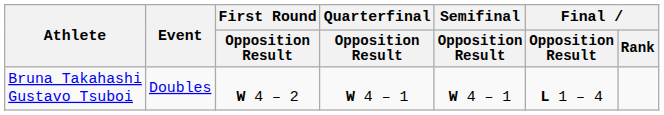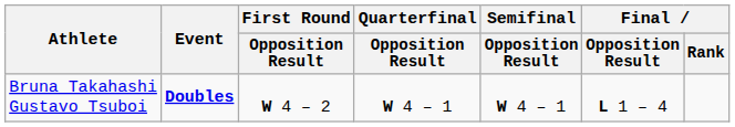 <table class=wikitable style=font-size:90%;text-align:center>
 <tr>
 <th rowspan=2>Athlete</th>
 <th rowspan=2>Event</th>
 <th>First Round</th>
 <th>Quarterfinal</th>
 <th>Semifinal</th>
 <th colspan=2>Final / </th>
 </tr>
 <tr style=font-size:95%>
 <th>Opposition<br>Result</th>
 <th>Opposition<br>Result</th>
 <th>Opposition<br>Result</th>
 <th>Opposition<br>Result</th>
 <th>Rank</th>
 </tr>
 <tr>
 <td align=left><a href='#'>Bruna Takahashi</a><br><a href='#'>Gustavo Tsuboi</a></td>
-<td align=left><a href='#'>Doubles</a></td>
+<td align=left><strong><a href='#'>Doubles</a></strong></td>
 <td><br><strong>W</strong> 4 – 2</td>
 <td><br><strong>W</strong> 4 – 1</td>
 <td><br><strong>W</strong> 4 – 1</td>
 <td><br><strong>L</strong> 1 – 4</td>
 <td></td>
 </tr>
 </table>
